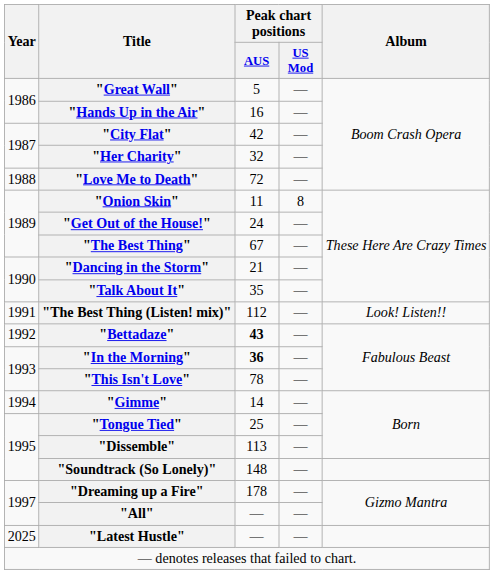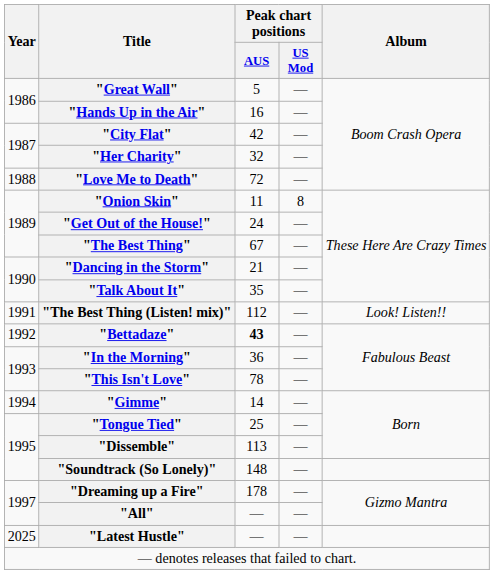 <table class="wikitable plainrowheaders" style="text-align:center;">
 <tr>
 <th scope="col" rowspan="2">Year</th>
 <th scope="col" rowspan="2">Title</th>
 <th scope="col" colspan="2">Peak chart positions</th>
 <th scope="col" rowspan="2">Album</th>
 </tr>
 <tr>
 <th style="width:3em; font-size:90%"><a href='#'>AUS</a><br></th>
 <th style="width:3em; font-size:90%"><a href='#'>US Mod</a><br></th>
 </tr>
 <tr>
 <td rowspan="2">1986</td>
 <th scope="row">"<a href='#'>Great Wall</a>"</th>
 <td align="center">5</td>
 <td>—</td>
 <td rowspan="5"><em>Boom Crash Opera</em></td>
 </tr>
 <tr>
 <th scope="row">"<a href='#'>Hands Up in the Air</a>"</th>
 <td align="center">16</td>
 <td>—</td>
 </tr>
 <tr>
 <td rowspan="2">1987</td>
 <th scope="row">"<a href='#'>City Flat</a>"</th>
 <td align="center">42</td>
 <td>—</td>
 </tr>
 <tr>
 <th scope="row">"<a href='#'>Her Charity</a>"</th>
 <td align="center">32</td>
 <td>—</td>
 </tr>
 <tr>
 <td>1988</td>
 <th scope="row">"<a href='#'>Love Me to Death</a>"</th>
 <td align="center">72</td>
 <td>—</td>
 </tr>
 <tr>
 <td rowspan="3">1989</td>
 <th scope="row">"<a href='#'>Onion Skin</a>"</th>
 <td align="center">11</td>
 <td>8</td>
 <td rowspan="5"><em>These Here Are Crazy Times</em></td>
 </tr>
 <tr>
 <th scope="row">"<a href='#'>Get Out of the House!</a>"</th>
 <td align="center">24</td>
 <td>—</td>
 </tr>
 <tr>
 <th scope="row">"<a href='#'>The Best Thing</a>"</th>
 <td align="center">67</td>
 <td>—</td>
 </tr>
 <tr>
 <td rowspan="2">1990</td>
 <th scope="row">"<a href='#'>Dancing in the Storm</a>"</th>
 <td align="center">21</td>
 <td>—</td>
 </tr>
 <tr>
 <th scope="row">"<a href='#'>Talk About It</a>"</th>
 <td align="center">35</td>
 <td>—</td>
 </tr>
 <tr>
 <td>1991</td>
 <th scope="row">"The Best Thing (Listen! mix)"</th>
 <td align="center">112</td>
 <td>—</td>
 <td><em>Look! Listen!!</em></td>
 </tr>
 <tr>
 <td>1992</td>
 <th scope="row">"<a href='#'>Bettadaze</a>"</th>
 <td align="center"><strong>43</strong></td>
 <td>—</td>
 <td rowspan="3"><em>Fabulous Beast</em></td>
 </tr>
 <tr>
 <td rowspan="2">1993</td>
 <th scope="row">"<a href='#'>In the Morning</a>"</th>
-<td align="center"><strong>36</strong></td>
+<td align="center">36</td>
 <td>—</td>
 </tr>
 <tr>
 <th scope="row">"<a href='#'>This Isn't Love</a>"</th>
 <td align="center">78</td>
 <td>—</td>
 </tr>
 <tr>
 <td>1994</td>
 <th scope="row">"<a href='#'>Gimme</a>"</th>
 <td align="center">14</td>
 <td>—</td>
 <td rowspan="3"><em>Born</em></td>
 </tr>
 <tr>
 <td rowspan="3">1995</td>
 <th scope="row">"<a href='#'>Tongue Tied</a>"</th>
 <td align="center">25</td>
 <td>—</td>
 </tr>
 <tr>
 <th scope="row">"Dissemble"</th>
 <td align="center">113</td>
 <td>—</td>
 </tr>
 <tr>
 <th scope="row">"Soundtrack (So Lonely)"</th>
 <td align="center">148</td>
 <td>—</td>
 <td></td>
 </tr>
 <tr>
 <td rowspan="2">1997</td>
 <th scope="row">"Dreaming up a Fire"</th>
 <td align="center">178</td>
 <td>—</td>
 <td rowspan="2"><em>Gizmo Mantra</em></td>
 </tr>
 <tr>
 <th scope="row">"All"</th>
 <td align="center">—</td>
 <td>—</td>
 </tr>
 <tr>
 <td>2025</td>
 <th scope="row">"Latest Hustle"</th>
 <td align="center">—</td>
 <td>—</td>
 <td></td>
 </tr>
 <tr>
 <td colspan="6" style="text-align:center;">— denotes releases that failed to chart.</td>
 </tr>
 </table>
